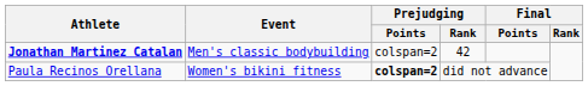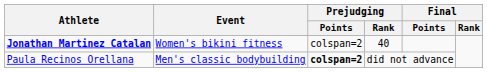 <table class=wikitable style="font-size:90%">
 <tr>
 <th rowspan="2">Athlete</th>
 <th rowspan="2">Event</th>
 <th colspan="2">Prejudging</th>
 <th colspan="2">Final</th>
 </tr>
 <tr style="font-size:95%">
 <th>Points</th>
 <th>Rank</th>
 <th>Points</th>
 <th>Rank</th>
 </tr>
 <tr align=center>
 <td align=left><strong><a href='#'>Jonathan Martinez Catalan</a></strong></td>
-<td align=left><a href='#'>Men's classic bodybuilding</a></td>
+<td align=left><a href='#'>Women's bikini fitness</a></td>
 <td>colspan=2 </td>
-<td>42</td>
+<td>40</td>
 <td></td>
 </tr>
 <tr align=center>
 <td align=left><a href='#'>Paula Recinos Orellana</a></td>
-<td align=left><a href='#'>Women's bikini fitness</a></td>
+<td align=left><a href='#'>Men's classic bodybuilding</a></td>
 <td><strong>colspan=2 </strong></td>
 <td colspan=2>did not advance</td>
 </tr>
 </table>
